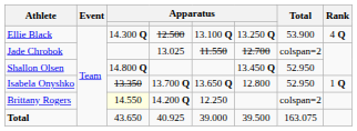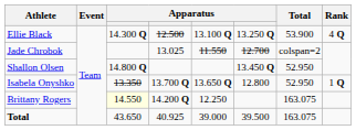 <table class="wikitable" style="font-size:90%">
 <tr>
 <th rowspan=2>Athlete</th>
 <th rowspan=2>Event</th>
 <th colspan=4>Apparatus</th>
 <th rowspan=2>Total</th>
 <th rowspan=2>Rank</th>
 </tr>
 <tr style="font-size:95%">
 <th></th>
 <th></th>
 <th></th>
 <th></th>
 </tr>
 <tr align=center>
 <td align=left><a href='#'>Ellie Black</a></td>
 <td align=left rowspan=6><a href='#'>Team</a></td>
 <td>14.300	<strong>Q</strong></td>
 <td><s>12.500</s></td>
 <td>13.100	<strong>Q</strong></td>
 <td>13.250 <strong>Q</strong></td>
 <td>53.900</td>
 <td>4 <strong>Q</strong></td>
 </tr>
 <tr align=center>
 <td align=left><a href='#'>Jade Chrobok</a></td>
 <td></td>
 <td>13.025</td>
 <td><s>11.550</s></td>
 <td><s>12.700</s></td>
 <td>colspan=2 </td>
 </tr>
 <tr align=center>
 <td align=left><a href='#'>Shallon Olsen</a></td>
 <td>14.800 <strong>Q</strong></td>
 <td></td>
 <td></td>
 <td>13.450 <strong>Q</strong></td>
 <td>52.950</td>
 </tr>
 <tr align=center>
 <td align=left><a href='#'>Isabela Onyshko</a></td>
 <td><s>13.350</s></td>
 <td>13.700	<strong>Q</strong></td>
 <td>13.650	<strong>Q</strong></td>
 <td>12.800</td>
 <td>52.950</td>
 <td>1 <strong>Q</strong></td>
 </tr>
 <tr align=center>
 <td align=left><a href='#'>Brittany Rogers</a></td>
 <td style="background: lightyellow;">14.550</td>
 <td>14.200	<strong>Q</strong></td>
 <td>12.250</td>
 <td></td>
-<td>colspan=2 </td>
+<td>163.075</td>
 </tr>
 <tr align=center>
 <td align=left><strong>Total</strong></td>
 <td>43.650</td>
 <td>40.925</td>
 <td>39.000</td>
 <td>39.500</td>
 <td>163.075</td>
 <td></td>
 </tr>
 </table>
